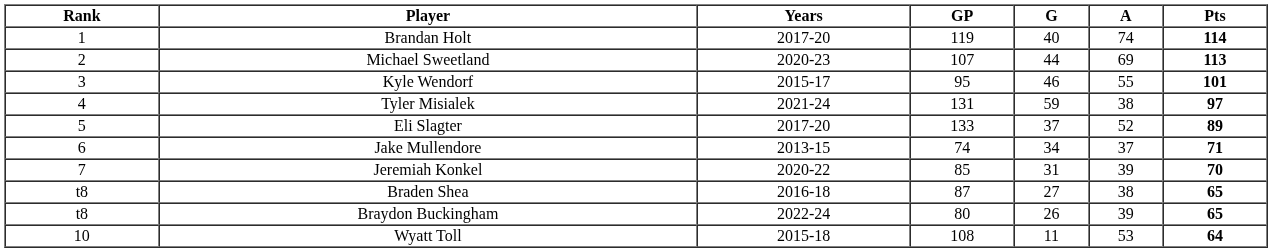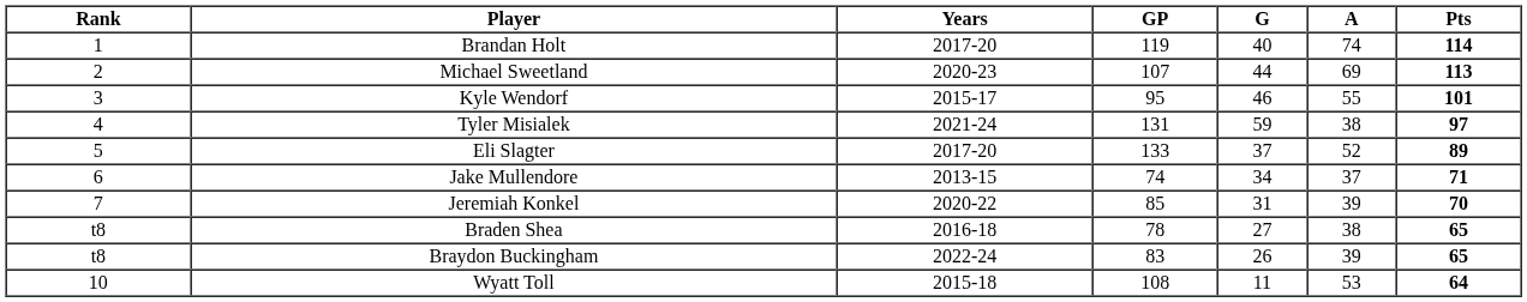 <table cellpadding="1" border="1" cellspacing="0" width="100%">
 <tr>
 <th>Rank</th>
 <th>Player</th>
 <th>Years</th>
 <th>GP</th>
 <th>G</th>
 <th>A</th>
 <th>Pts</th>
 </tr>
 <tr>
 </tr>
 <tr align="center">
 <td>1</td>
 <td>Brandan Holt</td>
 <td>2017-20</td>
 <td>119</td>
 <td>40</td>
 <td>74</td>
 <td><strong>114</strong></td>
 </tr>
 <tr>
 </tr>
 <tr align="center">
 <td>2</td>
 <td>Michael Sweetland</td>
 <td>2020-23</td>
 <td>107</td>
 <td>44</td>
 <td>69</td>
 <td><strong>113</strong></td>
 </tr>
 <tr align="center">
 <td>3</td>
 <td>Kyle Wendorf</td>
 <td>2015-17</td>
 <td>95</td>
 <td>46</td>
 <td>55</td>
 <td><strong>101</strong></td>
 </tr>
 <tr>
 </tr>
 <tr align="center">
 <td>4</td>
 <td>Tyler Misialek</td>
 <td>2021-24</td>
 <td>131</td>
 <td>59</td>
 <td>38</td>
 <td><strong>97</strong></td>
 </tr>
 <tr align="center">
 <td>5</td>
 <td>Eli Slagter</td>
 <td>2017-20</td>
 <td>133</td>
 <td>37</td>
 <td>52</td>
 <td><strong>89</strong></td>
 </tr>
 <tr align="center">
 <td>6</td>
 <td>Jake Mullendore</td>
 <td>2013-15</td>
 <td>74</td>
 <td>34</td>
 <td>37</td>
 <td><strong>71</strong></td>
 </tr>
 <tr align="center">
 <td>7</td>
 <td>Jeremiah Konkel</td>
 <td>2020-22</td>
 <td>85</td>
 <td>31</td>
 <td>39</td>
 <td><strong>70</strong></td>
 </tr>
 <tr align="center">
 <td>t8</td>
 <td>Braden Shea</td>
 <td>2016-18</td>
-<td>87</td>
+<td>78</td>
 <td>27</td>
 <td>38</td>
 <td><strong>65</strong></td>
 </tr>
 <tr align="center">
 <td>t8</td>
 <td>Braydon Buckingham</td>
 <td>2022-24</td>
-<td>80</td>
+<td>83</td>
 <td>26</td>
 <td>39</td>
 <td><strong>65</strong></td>
 </tr>
 <tr align="center">
 <td>10</td>
 <td>Wyatt Toll</td>
 <td>2015-18</td>
 <td>108</td>
 <td>11</td>
 <td>53</td>
 <td><strong>64</strong></td>
 </tr>
 </table>
